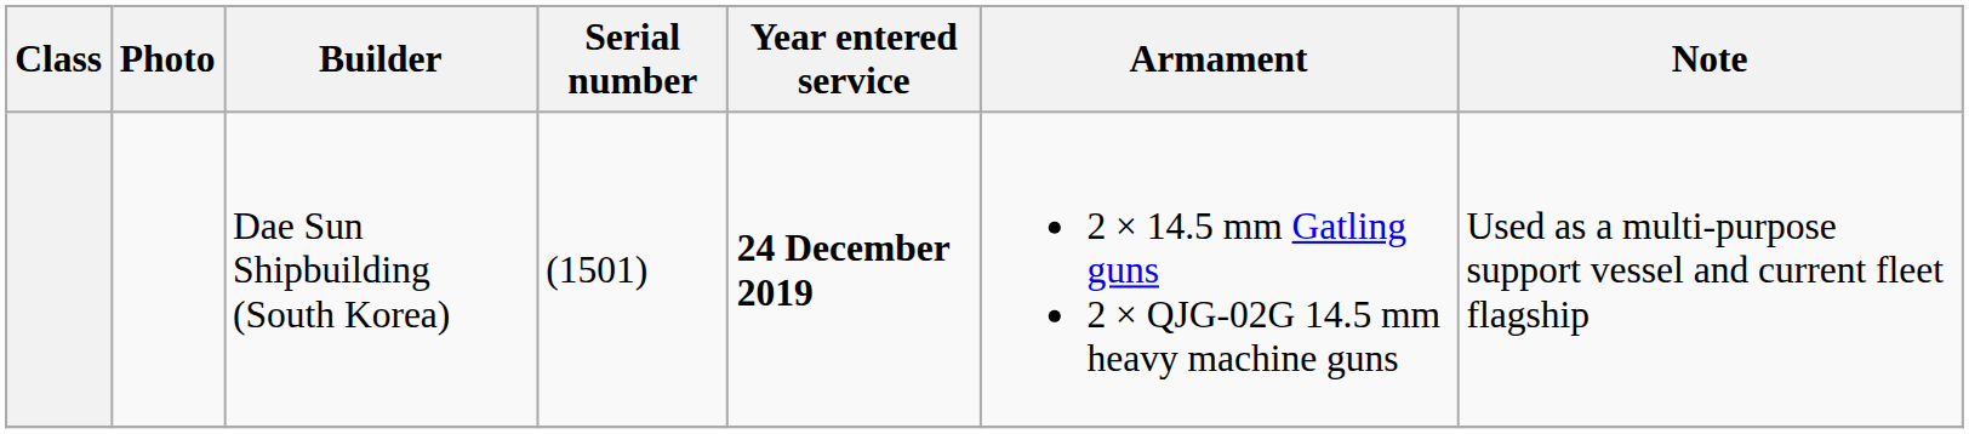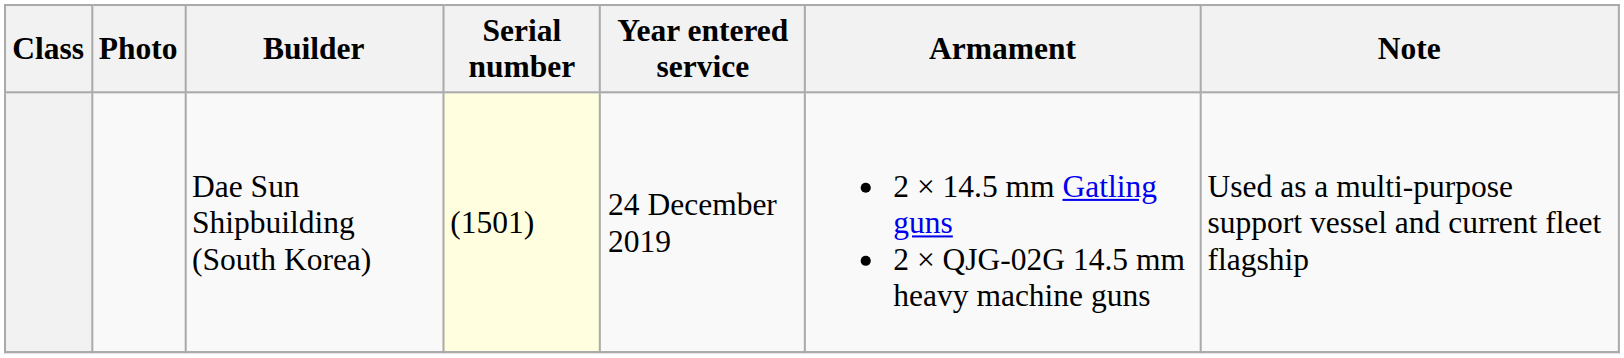 <table class="wikitable" style="font-size:97%; width:90%">
 <tr>
 <th>Class</th>
 <th>Photo</th>
 <th width="120">Builder</th>
 <th>Serial number</th>
 <th>Year entered service</th>
 <th>Armament</th>
 <th>Note</th>
 </tr>
 <tr>
 <th rowspan="1"></th>
 <td></td>
 <td rowspan="1">Dae Sun Shipbuilding <br> (South Korea)  </td>
-<td> (1501)</td>
-<td rowspan="1"><strong>24 December 2019</strong></td>
+<td style="background: lightyellow;"> (1501)</td>
+<td rowspan="1">24 December 2019</td>
 <td><br><ul><li>2 × 14.5 mm <a href='#'>Gatling guns</a></li><li>2 × QJG-02G 14.5 mm heavy machine guns</li></ul></td>
 <td rowspan="1">Used as a multi-purpose support vessel and current fleet flagship</td>
 </tr>
 <tr>
 </tr>
 </table>
